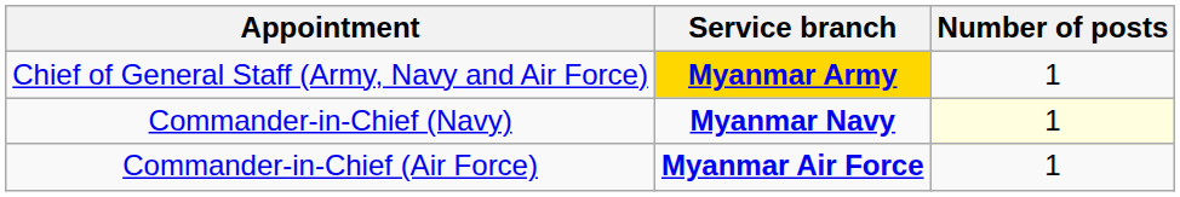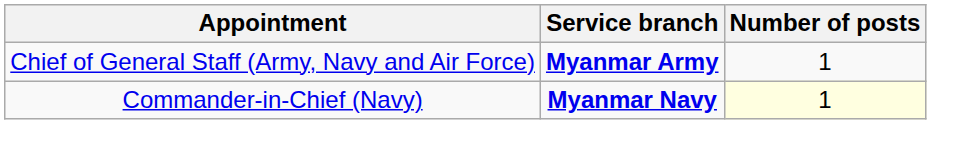 <table class="wikitable">
 <tr style="text-align:center; background:#efefef;">
 <th>Appointment</th>
 <th>Service branch</th>
 <th>Number of posts</th>
 </tr>
 <tr style="text-align:center">
 <td><a href='#'>Chief of General Staff (Army, Navy and Air Force)</a></td>
-<td style="background: gold;"> <strong><a href='#'>Myanmar Army</a></strong></td>
+<td> <strong><a href='#'>Myanmar Army</a></strong></td>
 <td>1</td>
 </tr>
 <tr style="text-align:center">
 <td><a href='#'>Commander-in-Chief (Navy)</a></td>
 <td> <strong><a href='#'>Myanmar Navy</a></strong></td>
 <td style="background: lightyellow;">1</td>
 </tr>
-<tr style="text-align:center">
-<td><a href='#'>Commander-in-Chief (Air Force)</a></td>
-<td> <strong><a href='#'>Myanmar Air Force</a></strong></td>
-<td>1</td>
-</tr>
 </table>
